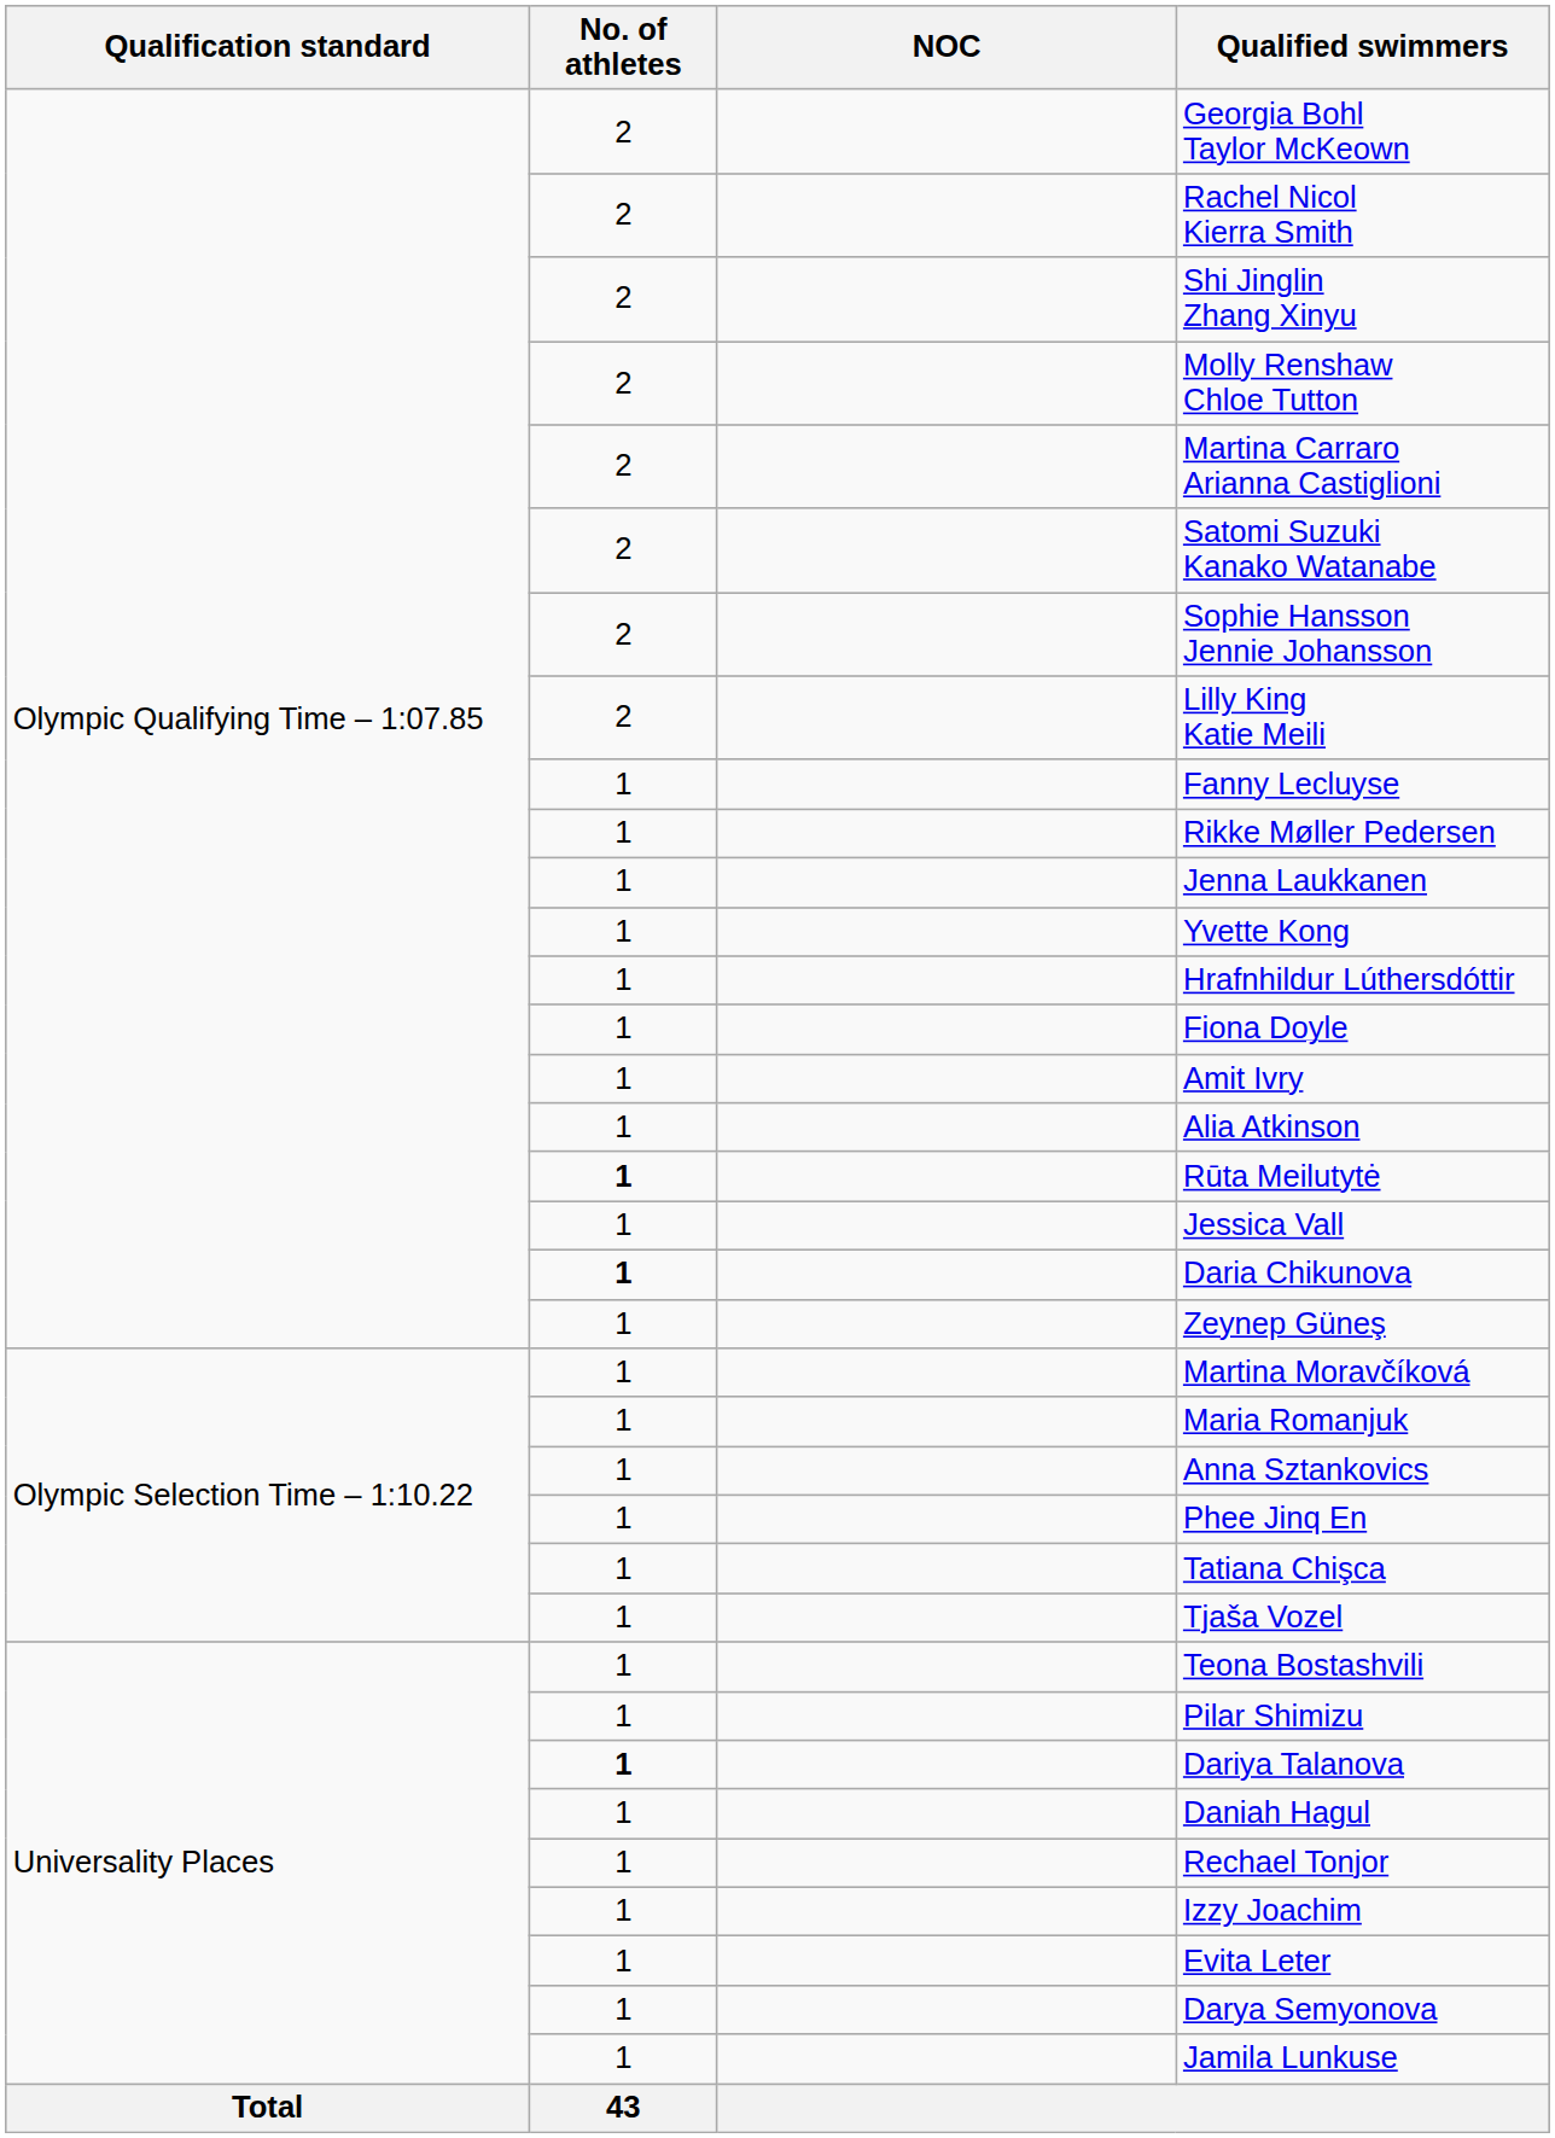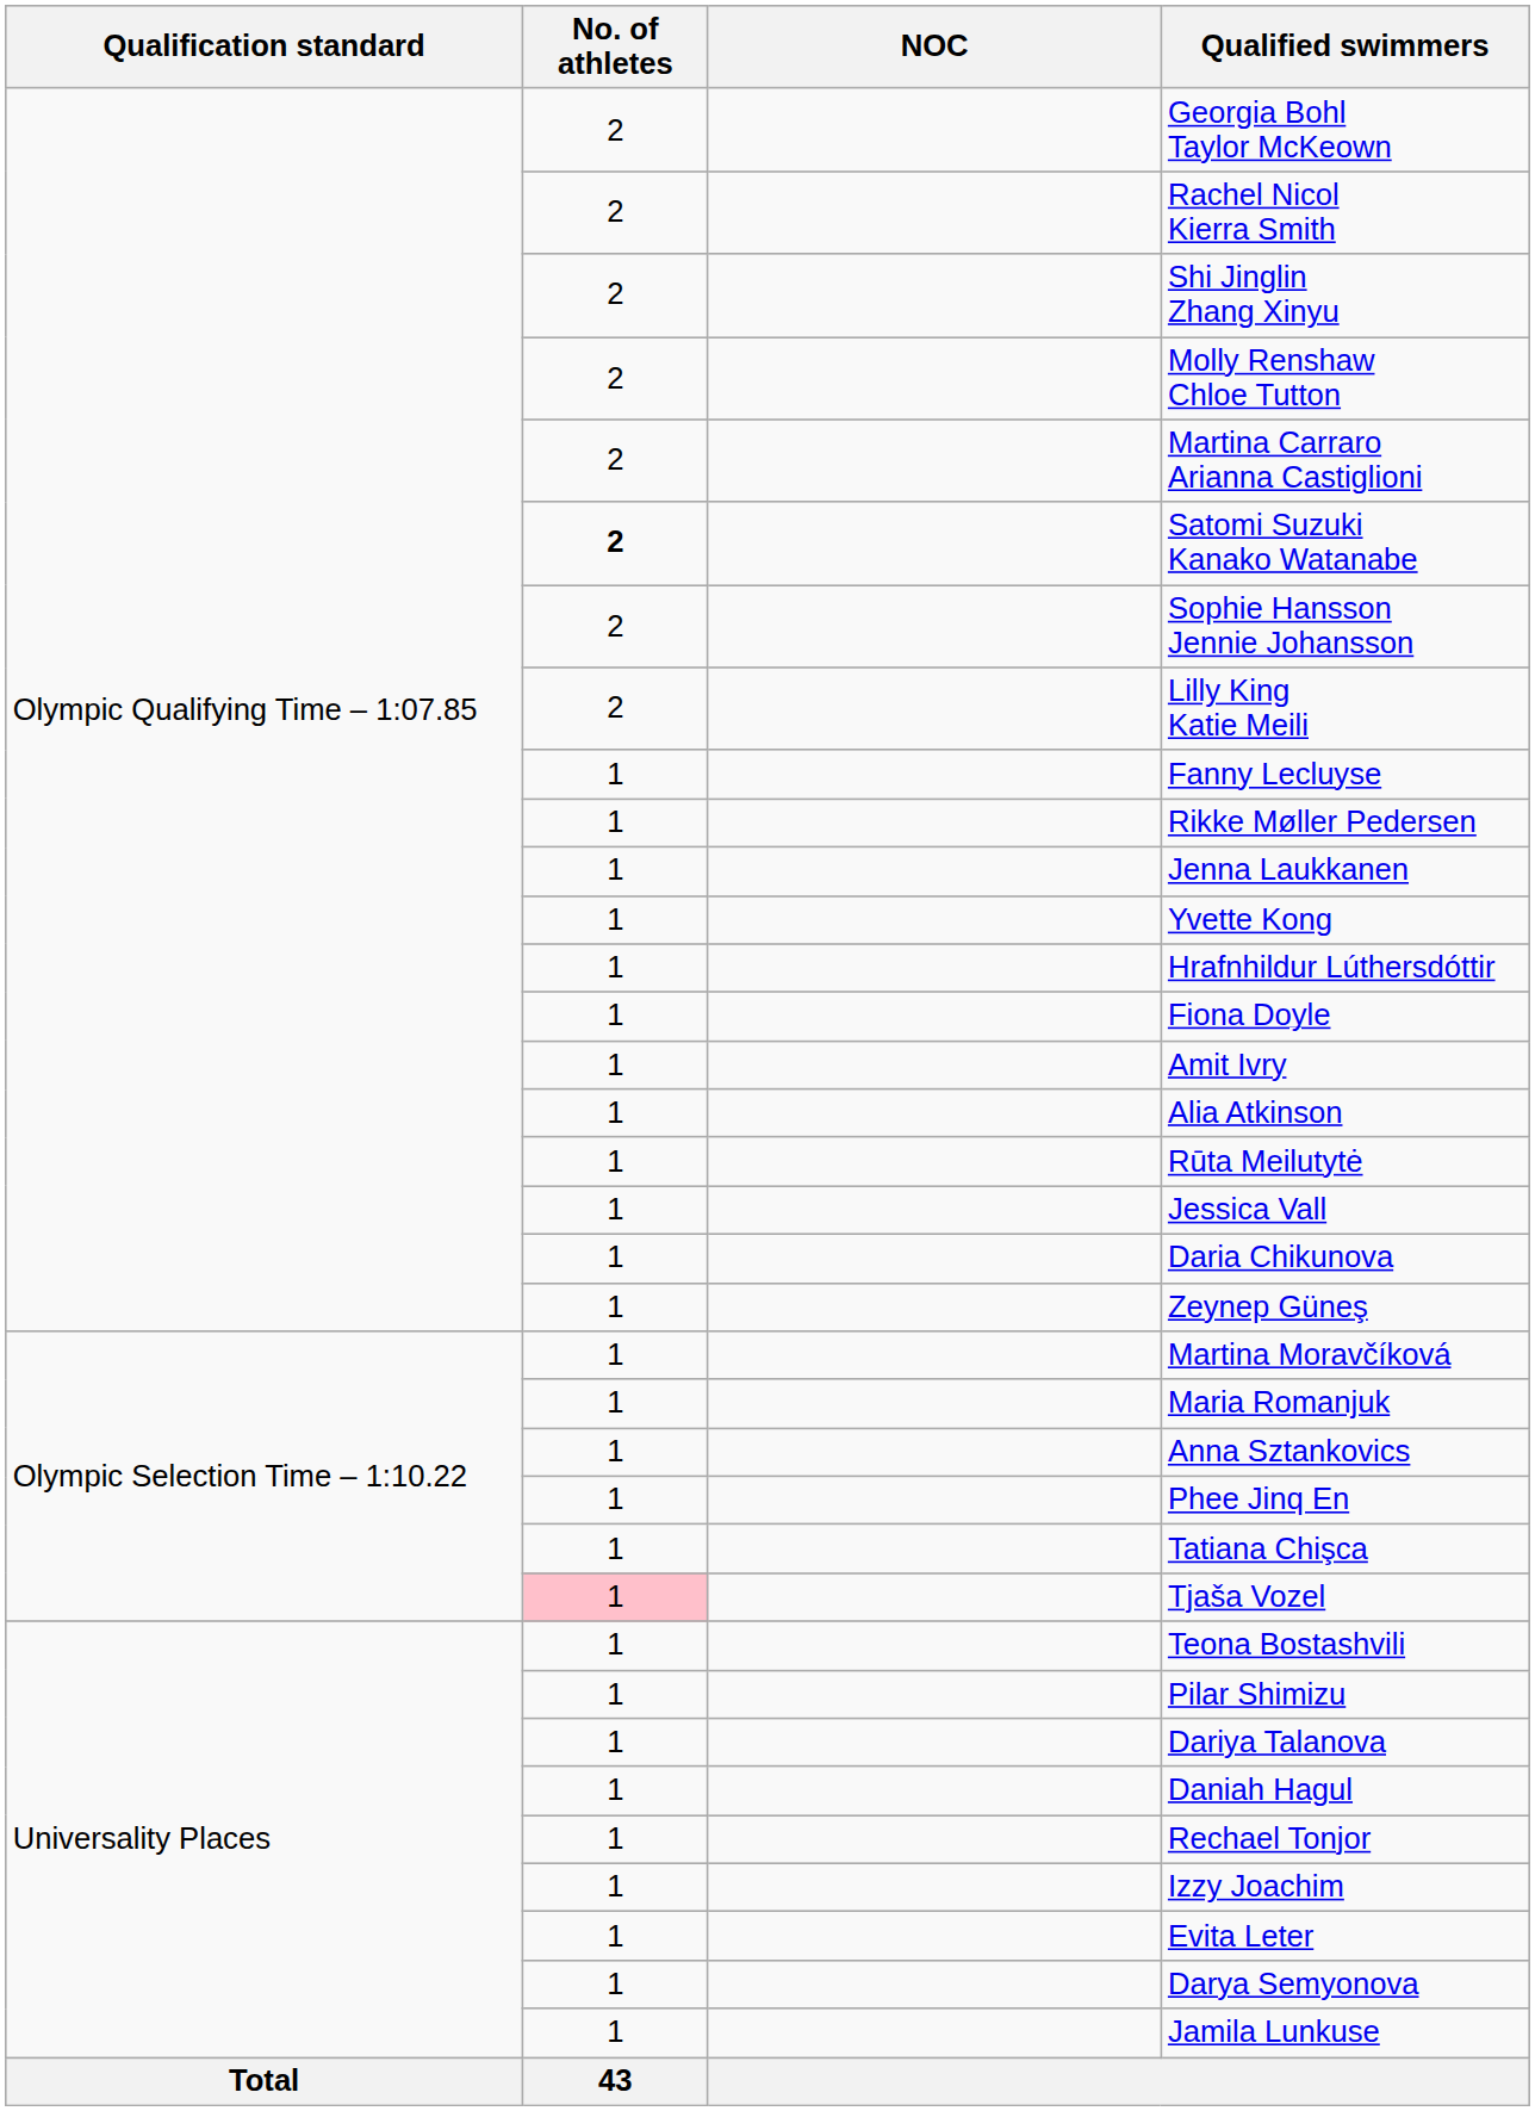 <table class=wikitable style="text-align:left" width=800>
 <tr>
 <th>Qualification standard</th>
 <th width=90>No. of athletes</th>
 <th width=230>NOC</th>
 <th>Qualified swimmers</th>
 </tr>
 <tr>
 <td rowspan=20>Olympic Qualifying Time – 1:07.85</td>
 <td align=center>2</td>
 <td></td>
 <td><a href='#'>Georgia Bohl</a><br><a href='#'>Taylor McKeown</a></td>
 </tr>
 <tr>
 <td align=center>2</td>
 <td></td>
 <td><a href='#'>Rachel Nicol</a><br><a href='#'>Kierra Smith</a></td>
 </tr>
 <tr>
 <td align=center>2</td>
 <td></td>
 <td><a href='#'>Shi Jinglin</a><br><a href='#'>Zhang Xinyu</a></td>
 </tr>
 <tr>
 <td align=center>2</td>
 <td></td>
 <td><a href='#'>Molly Renshaw</a><br><a href='#'>Chloe Tutton</a></td>
 </tr>
 <tr>
 <td align=center>2</td>
 <td></td>
 <td><a href='#'>Martina Carraro</a><br><a href='#'>Arianna Castiglioni</a></td>
 </tr>
 <tr>
-<td align=center>2</td>
+<td align=center><strong>2</strong></td>
 <td></td>
 <td><a href='#'>Satomi Suzuki</a><br><a href='#'>Kanako Watanabe</a></td>
 </tr>
 <tr>
 <td align=center>2</td>
 <td></td>
 <td><a href='#'>Sophie Hansson</a><br><a href='#'>Jennie Johansson</a></td>
 </tr>
 <tr>
 <td align=center>2</td>
 <td></td>
 <td><a href='#'>Lilly King</a><br><a href='#'>Katie Meili</a></td>
 </tr>
 <tr>
 <td align=center>1</td>
 <td></td>
 <td><a href='#'>Fanny Lecluyse</a></td>
 </tr>
 <tr>
 <td align=center>1</td>
 <td></td>
 <td><a href='#'>Rikke Møller Pedersen</a></td>
 </tr>
 <tr>
 <td align=center>1</td>
 <td></td>
 <td><a href='#'>Jenna Laukkanen</a></td>
 </tr>
 <tr>
 <td align=center>1</td>
 <td></td>
 <td><a href='#'>Yvette Kong</a></td>
 </tr>
 <tr>
 <td align=center>1</td>
 <td></td>
 <td><a href='#'>Hrafnhildur Lúthersdóttir</a></td>
 </tr>
 <tr>
 <td align=center>1</td>
 <td></td>
 <td><a href='#'>Fiona Doyle</a></td>
 </tr>
 <tr>
 <td align=center>1</td>
 <td></td>
 <td><a href='#'>Amit Ivry</a></td>
 </tr>
 <tr>
 <td align=center>1</td>
 <td></td>
 <td><a href='#'>Alia Atkinson</a></td>
 </tr>
 <tr>
-<td align=center><strong>1</strong></td>
+<td align=center>1</td>
 <td></td>
 <td><a href='#'>Rūta Meilutytė</a></td>
 </tr>
 <tr>
 <td align=center>1</td>
 <td></td>
 <td><a href='#'>Jessica Vall</a></td>
 </tr>
 <tr>
-<td align=center><strong>1</strong></td>
+<td align=center>1</td>
 <td></td>
 <td><a href='#'>Daria Chikunova</a></td>
 </tr>
 <tr>
 <td align=center>1</td>
 <td></td>
 <td><a href='#'>Zeynep Güneş</a></td>
 </tr>
 <tr>
 <td rowspan=6>Olympic Selection Time – 1:10.22</td>
 <td align=center>1</td>
 <td></td>
 <td><a href='#'>Martina Moravčíková</a></td>
 </tr>
 <tr>
 <td align=center>1</td>
 <td></td>
 <td><a href='#'>Maria Romanjuk</a></td>
 </tr>
 <tr>
 <td align=center>1</td>
 <td></td>
 <td><a href='#'>Anna Sztankovics</a></td>
 </tr>
 <tr>
 <td align=center>1</td>
 <td></td>
 <td><a href='#'>Phee Jinq En</a></td>
 </tr>
 <tr>
 <td align=center>1</td>
 <td></td>
 <td><a href='#'>Tatiana Chişca</a></td>
 </tr>
 <tr>
-<td align=center>1</td>
+<td align=center style="background: pink;">1</td>
 <td></td>
 <td><a href='#'>Tjaša Vozel</a></td>
 </tr>
 <tr>
 <td rowspan=9>Universality Places</td>
 <td align=center>1</td>
 <td></td>
 <td><a href='#'>Teona Bostashvili</a></td>
 </tr>
 <tr>
 <td align=center>1</td>
 <td></td>
 <td><a href='#'>Pilar Shimizu</a></td>
 </tr>
 <tr>
-<td align=center><strong>1</strong></td>
+<td align=center>1</td>
 <td></td>
 <td><a href='#'>Dariya Talanova</a></td>
 </tr>
 <tr>
 <td align=center>1</td>
 <td></td>
 <td><a href='#'>Daniah Hagul</a></td>
 </tr>
 <tr>
 <td align=center>1</td>
 <td></td>
 <td><a href='#'>Rechael Tonjor</a></td>
 </tr>
 <tr>
 <td align=center>1</td>
 <td></td>
 <td><a href='#'>Izzy Joachim</a></td>
 </tr>
 <tr>
 <td align=center>1</td>
 <td></td>
 <td><a href='#'>Evita Leter</a></td>
 </tr>
 <tr>
 <td align=center>1</td>
 <td></td>
 <td><a href='#'>Darya Semyonova</a></td>
 </tr>
 <tr>
 <td align=center>1</td>
 <td></td>
 <td><a href='#'>Jamila Lunkuse</a></td>
 </tr>
 <tr>
 <th><strong>Total</strong></th>
 <th>43</th>
 <th colspan=2></th>
 </tr>
 </table>
